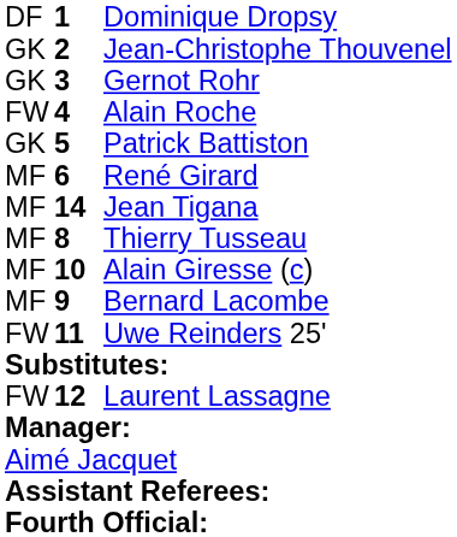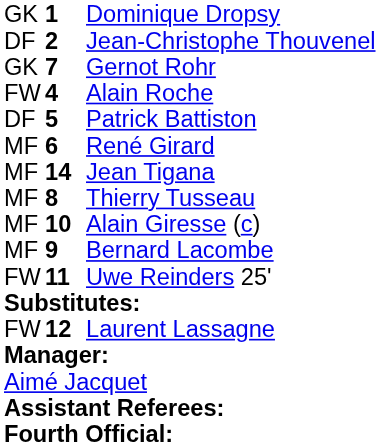 <table style=font-size:90% cellspacing=0 cellpadding=0>
 <tr>
 <td colspan=4></td>
 </tr>
 <tr>
 <th width=25></th>
 <th width=25></th>
 </tr>
 <tr>
-<td>DF</td>
+<td>GK</td>
 <td><strong>1</strong></td>
 <td> <a href='#'>Dominique Dropsy</a></td>
 </tr>
 <tr>
-<td>GK</td>
+<td>DF</td>
 <td><strong>2</strong></td>
 <td> <a href='#'>Jean-Christophe Thouvenel</a></td>
 </tr>
 <tr>
 <td>GK</td>
-<td><strong>3</strong></td>
+<td><strong>7</strong></td>
 <td> <a href='#'>Gernot Rohr</a></td>
 </tr>
 <tr>
 <td>FW</td>
 <td><strong>4</strong></td>
 <td> <a href='#'>Alain Roche</a></td>
 </tr>
 <tr>
-<td>GK</td>
+<td>DF</td>
 <td><strong>5</strong></td>
 <td> <a href='#'>Patrick Battiston</a></td>
 </tr>
 <tr>
 <td>MF</td>
 <td><strong>6</strong></td>
 <td> <a href='#'>René Girard</a></td>
 </tr>
 <tr>
 <td>MF</td>
 <td><strong>14</strong></td>
 <td> <a href='#'>Jean Tigana</a></td>
 </tr>
 <tr>
 <td>MF</td>
 <td><strong>8</strong></td>
 <td> <a href='#'>Thierry Tusseau</a></td>
 </tr>
 <tr>
 <td>MF</td>
 <td><strong>10</strong></td>
 <td> <a href='#'>Alain Giresse</a> (<a href='#'>c</a>)</td>
 </tr>
 <tr>
 <td>MF</td>
 <td><strong>9</strong></td>
 <td> <a href='#'>Bernard Lacombe</a></td>
 <td></td>
 <td></td>
 </tr>
 <tr>
 <td>FW</td>
 <td><strong>11</strong></td>
 <td> <a href='#'>Uwe Reinders</a>  25'</td>
 </tr>
 <tr>
 <td colspan=3><strong>Substitutes:</strong></td>
 </tr>
 <tr>
 <td>FW</td>
 <td><strong>12</strong></td>
 <td> <a href='#'>Laurent Lassagne</a></td>
 <td></td>
 <td></td>
 </tr>
 <tr>
 <td colspan=3><strong>Manager:</strong></td>
 </tr>
 <tr>
 <td colspan=4> <a href='#'>Aimé Jacquet</a><br><strong>Assistant Referees:</strong><br> <strong>Fourth Official:</strong><br></td>
 </tr>
 </table>
